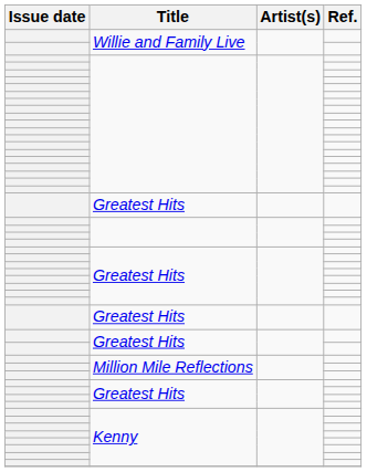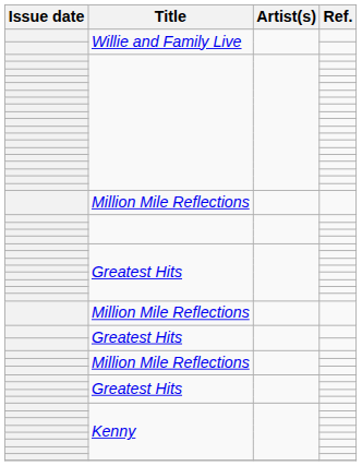 <table class="wikitable sortable plainrowheaders">
 <tr>
 <th scope=col>Issue date</th>
 <th scope=col>Title</th>
 <th scope=col>Artist(s)</th>
 <th scope=col class=unsortable>Ref.</th>
 </tr>
 <tr>
 <th scope=row></th>
 <td rowspan=2><em><a href='#'>Willie and Family Live</a></em></td>
 <td rowspan=2></td>
 <td align=center></td>
 </tr>
 <tr>
 <th scope=row></th>
 <td align=center></td>
 </tr>
 <tr>
 <th scope=row></th>
 <td rowspan=19><em></em></td>
 <td rowspan=19></td>
 <td align=center></td>
 </tr>
 <tr>
 <th scope=row></th>
 <td align=center></td>
 </tr>
 <tr>
 <th scope=row></th>
 <td align=center></td>
 </tr>
 <tr>
 <th scope=row></th>
 <td align=center></td>
 </tr>
 <tr>
 <th scope=row></th>
 <td align=center></td>
 </tr>
 <tr>
 <th scope=row></th>
 <td align=center></td>
 </tr>
 <tr>
 <th scope=row></th>
 <td align=center></td>
 </tr>
 <tr>
 <th scope=row></th>
 <td align=center></td>
 </tr>
 <tr>
 <th scope=row></th>
 <td align=center></td>
 </tr>
 <tr>
 <th scope=row></th>
 <td align=center></td>
 </tr>
 <tr>
 <th scope=row></th>
 <td align=center></td>
 </tr>
 <tr>
 <th scope=row></th>
 <td align=center></td>
 </tr>
 <tr>
 <th scope=row></th>
 <td align=center></td>
 </tr>
 <tr>
 <th scope=row></th>
 <td align=center></td>
 </tr>
 <tr>
 <th scope=row></th>
 <td align=center></td>
 </tr>
 <tr>
 <th scope=row></th>
 <td align=center></td>
 </tr>
 <tr>
 <th scope=row></th>
 <td align=center></td>
 </tr>
 <tr>
 <th scope=row></th>
 <td align=center></td>
 </tr>
 <tr>
 <th scope=row></th>
 <td align=center></td>
 </tr>
 <tr>
 <th scope=row></th>
-<td><em><a href='#'>Greatest Hits</a></em></td>
+<td><em><a href='#'>Million Mile Reflections</a></em></td>
 <td></td>
 <td align=center></td>
 </tr>
 <tr>
 <th scope=row></th>
 <td rowspan=4><em></em></td>
 <td rowspan=4></td>
 <td align=center></td>
 </tr>
 <tr>
 <th scope=row></th>
 <td align=center></td>
 </tr>
 <tr>
 <th scope=row></th>
 <td align=center></td>
 </tr>
 <tr>
 <th scope=row></th>
 <td align=center></td>
 </tr>
 <tr>
 <th scope=row></th>
 <td rowspan=8><em><a href='#'>Greatest Hits</a></em></td>
 <td rowspan=8></td>
 <td align=center></td>
 </tr>
 <tr>
 <th scope=row></th>
 <td align=center></td>
 </tr>
 <tr>
 <th scope=row></th>
 <td align=center></td>
 </tr>
 <tr>
 <th scope=row></th>
 <td align=center></td>
 </tr>
 <tr>
 <th scope=row></th>
 <td align=center></td>
 </tr>
 <tr>
 <th scope=row></th>
 <td align=center></td>
 </tr>
 <tr>
 <th scope=row></th>
 <td align=center></td>
 </tr>
 <tr>
 <th scope=row></th>
 <td align=center></td>
 </tr>
 <tr>
 <th scope=row></th>
-<td><em><a href='#'>Greatest Hits</a></em></td>
+<td><em><a href='#'>Million Mile Reflections</a></em></td>
 <td></td>
 <td align=center></td>
 </tr>
 <tr>
 <th scope=row></th>
 <td rowspan=2><em><a href='#'>Greatest Hits</a></em></td>
 <td rowspan=2></td>
 <td align=center></td>
 </tr>
 <tr>
 <th scope=row></th>
 <td align=center></td>
 </tr>
 <tr>
 <th scope=row></th>
 <td rowspan=3><em><a href='#'>Million Mile Reflections</a></em></td>
 <td rowspan=3></td>
 <td align=center></td>
 </tr>
 <tr>
 <th scope=row></th>
 <td align=center></td>
 </tr>
 <tr>
 <th scope=row></th>
 <td align=center></td>
 </tr>
 <tr>
 <th scope=row></th>
 <td rowspan=4><em><a href='#'>Greatest Hits</a></em></td>
 <td rowspan=4></td>
 <td align=center></td>
 </tr>
 <tr>
 <th scope=row></th>
 <td align=center></td>
 </tr>
 <tr>
 <th scope=row></th>
 <td align=center></td>
 </tr>
 <tr>
 <th scope=row></th>
 <td align=center></td>
 </tr>
 <tr>
 <th scope=row></th>
 <td rowspan=8><em><a href='#'>Kenny</a></em></td>
 <td rowspan=8></td>
 <td align=center></td>
 </tr>
 <tr>
 <th scope=row></th>
 <td align=center></td>
 </tr>
 <tr>
 <th scope=row></th>
 <td align=center></td>
 </tr>
 <tr>
 <th scope=row></th>
 <td align=center></td>
 </tr>
 <tr>
 <th scope=row></th>
 <td align=center></td>
 </tr>
 <tr>
 <th scope=row></th>
 <td align=center></td>
 </tr>
 <tr>
 <th scope=row></th>
 <td align=center></td>
 </tr>
 <tr>
 <th scope=row></th>
 <td align=center></td>
 </tr>
 <tr>
 </tr>
 </table>
